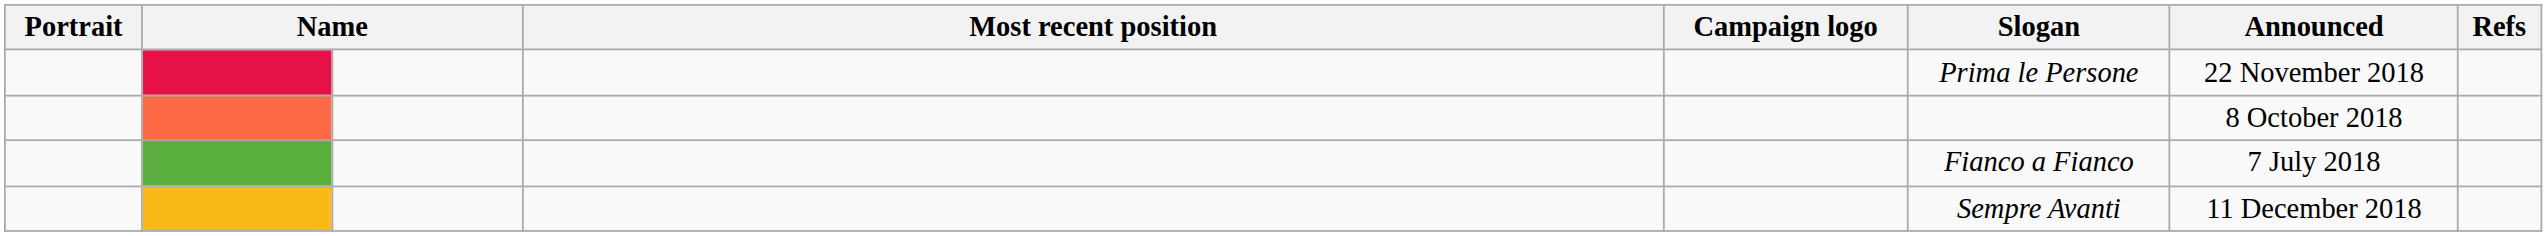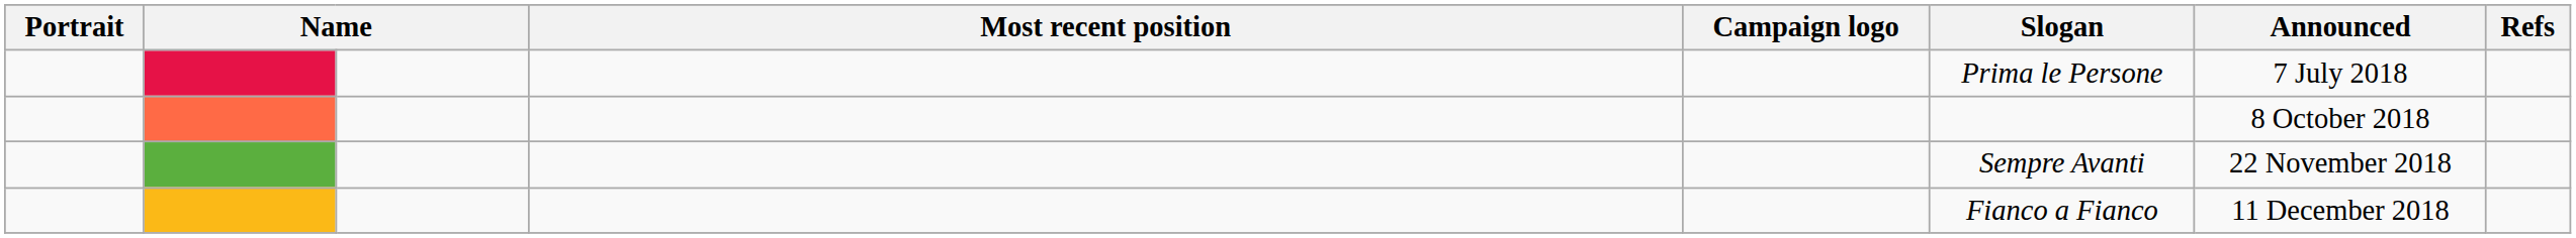 <table class="wikitable" style="text-align:center; width:90%; border:1px #AAAAFF solid">
 <tr>
 <th>Portrait</th>
 <th colspan=2 width=15%>Name</th>
 <th width=45%>Most recent position</th>
 <th>Campaign logo</th>
 <th>Slogan</th>
 <th>Announced</th>
 <th>Refs</th>
 </tr>
 <tr>
 <td></td>
 <td style="background:#E61247;"></td>
 <td></td>
 <td><br></td>
 <td><br></td>
 <td><em>Prima le Persone</em><br></td>
-<td>22 November 2018</td>
+<td>7 July 2018</td>
 <td></td>
 </tr>
 <tr>
 <td></td>
 <td style="background:#FF6A46;"></td>
 <td></td>
 <td><br></td>
 <td><br></td>
 <td></td>
 <td>8 October 2018</td>
 <td></td>
 </tr>
 <tr>
 <td></td>
 <td style="background:#5BAF3E;"></td>
 <td></td>
 <td><br></td>
 <td><br></td>
-<td><em>Fianco a Fianco</em><br></td>
-<td>7 July 2018</td>
+<td><em>Sempre Avanti</em><br></td>
+<td>22 November 2018</td>
 <td></td>
 </tr>
 <tr>
 <td></td>
 <td style="background:#FBB917;"></td>
 <td></td>
 <td><br></td>
 <td><br></td>
-<td><em>Sempre Avanti</em><br></td>
+<td><em>Fianco a Fianco</em><br></td>
 <td>11 December 2018</td>
 <td></td>
 </tr>
 </table>
